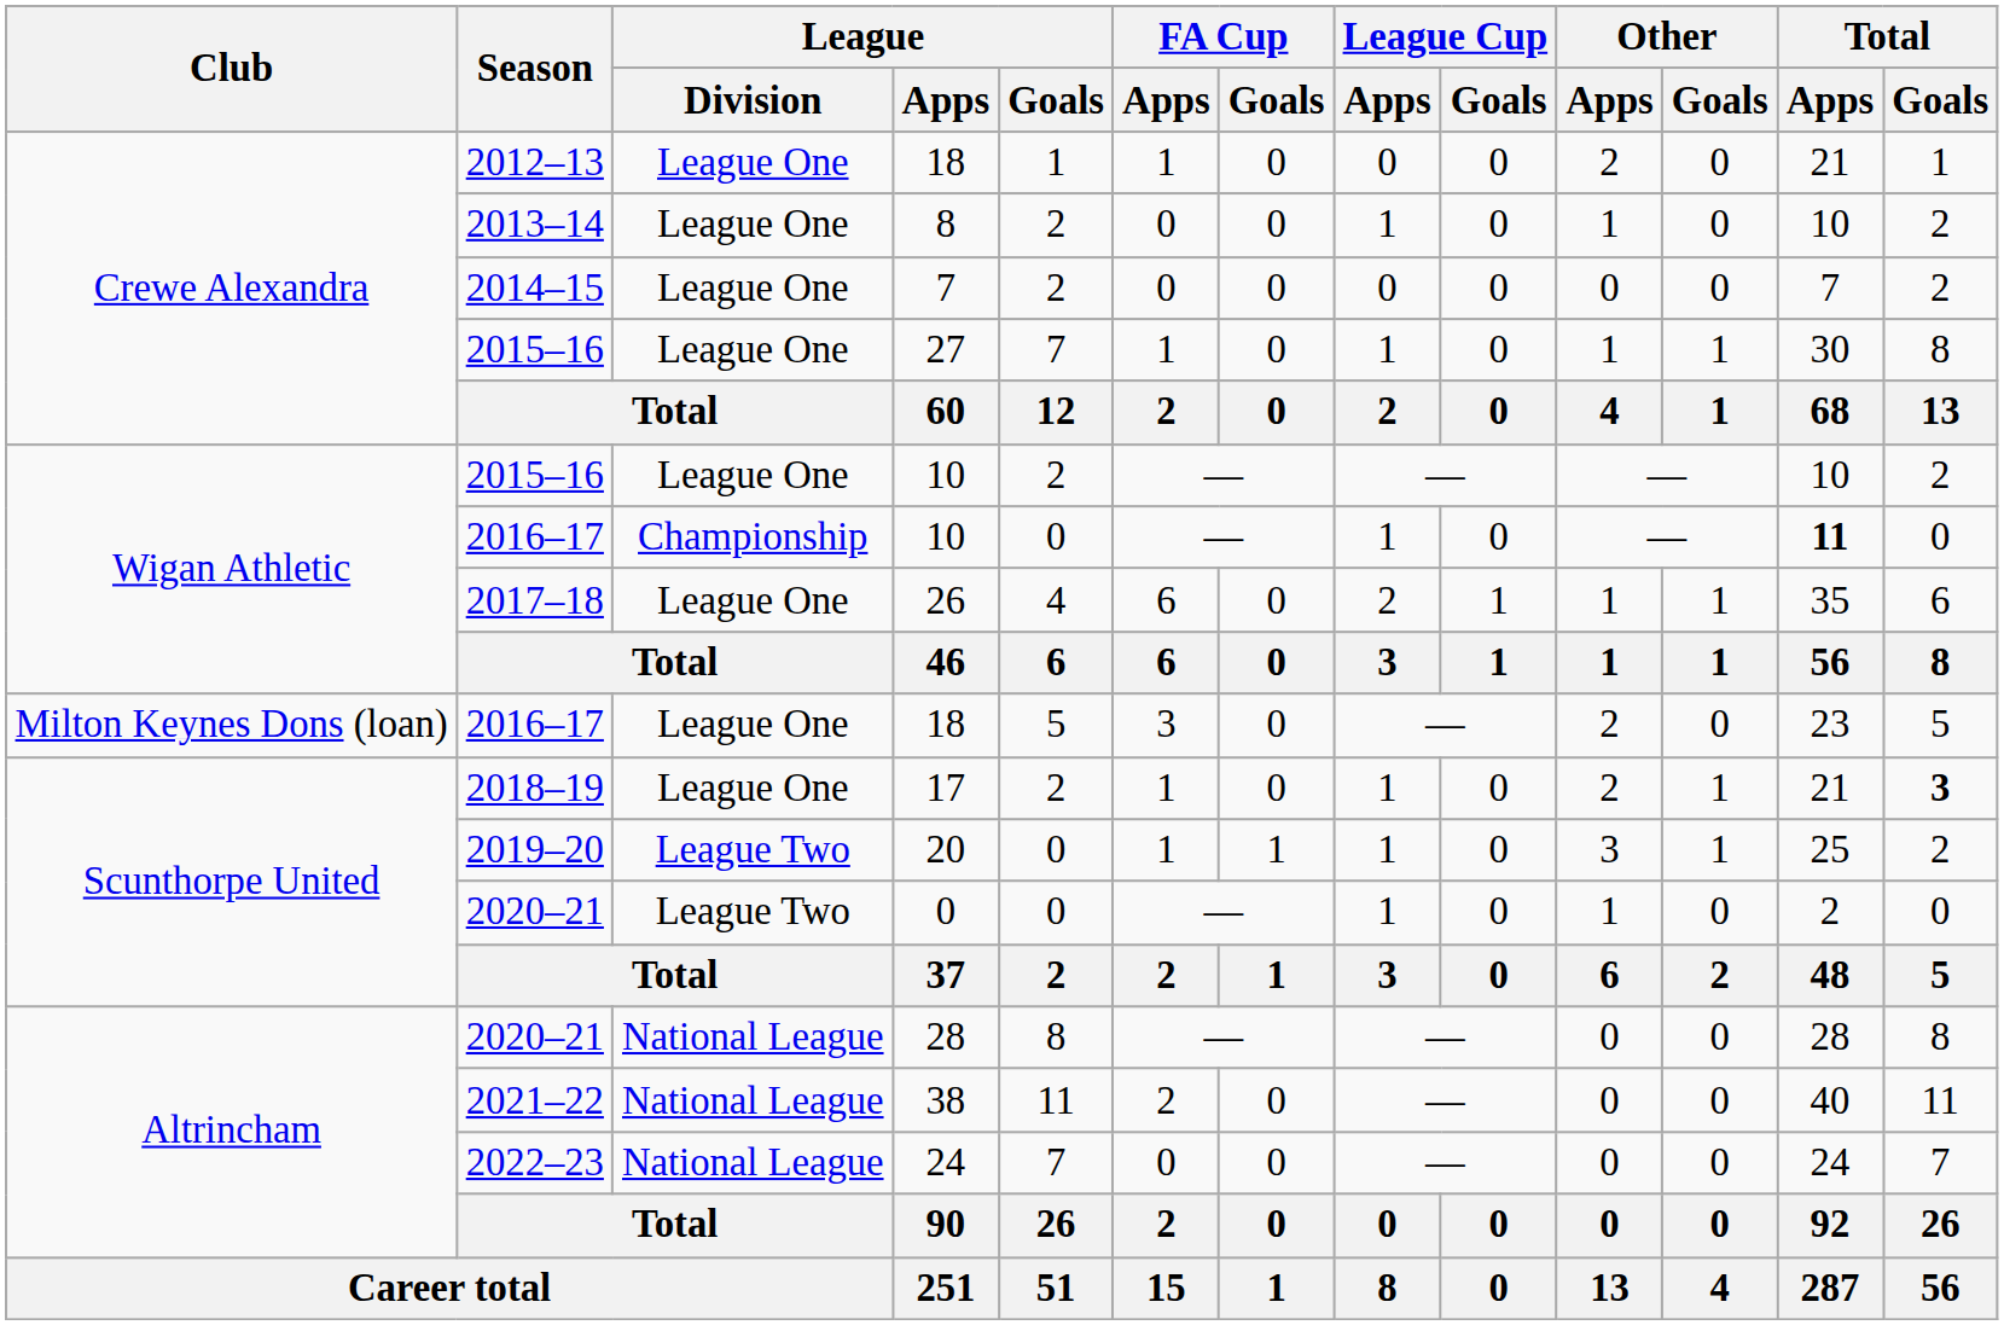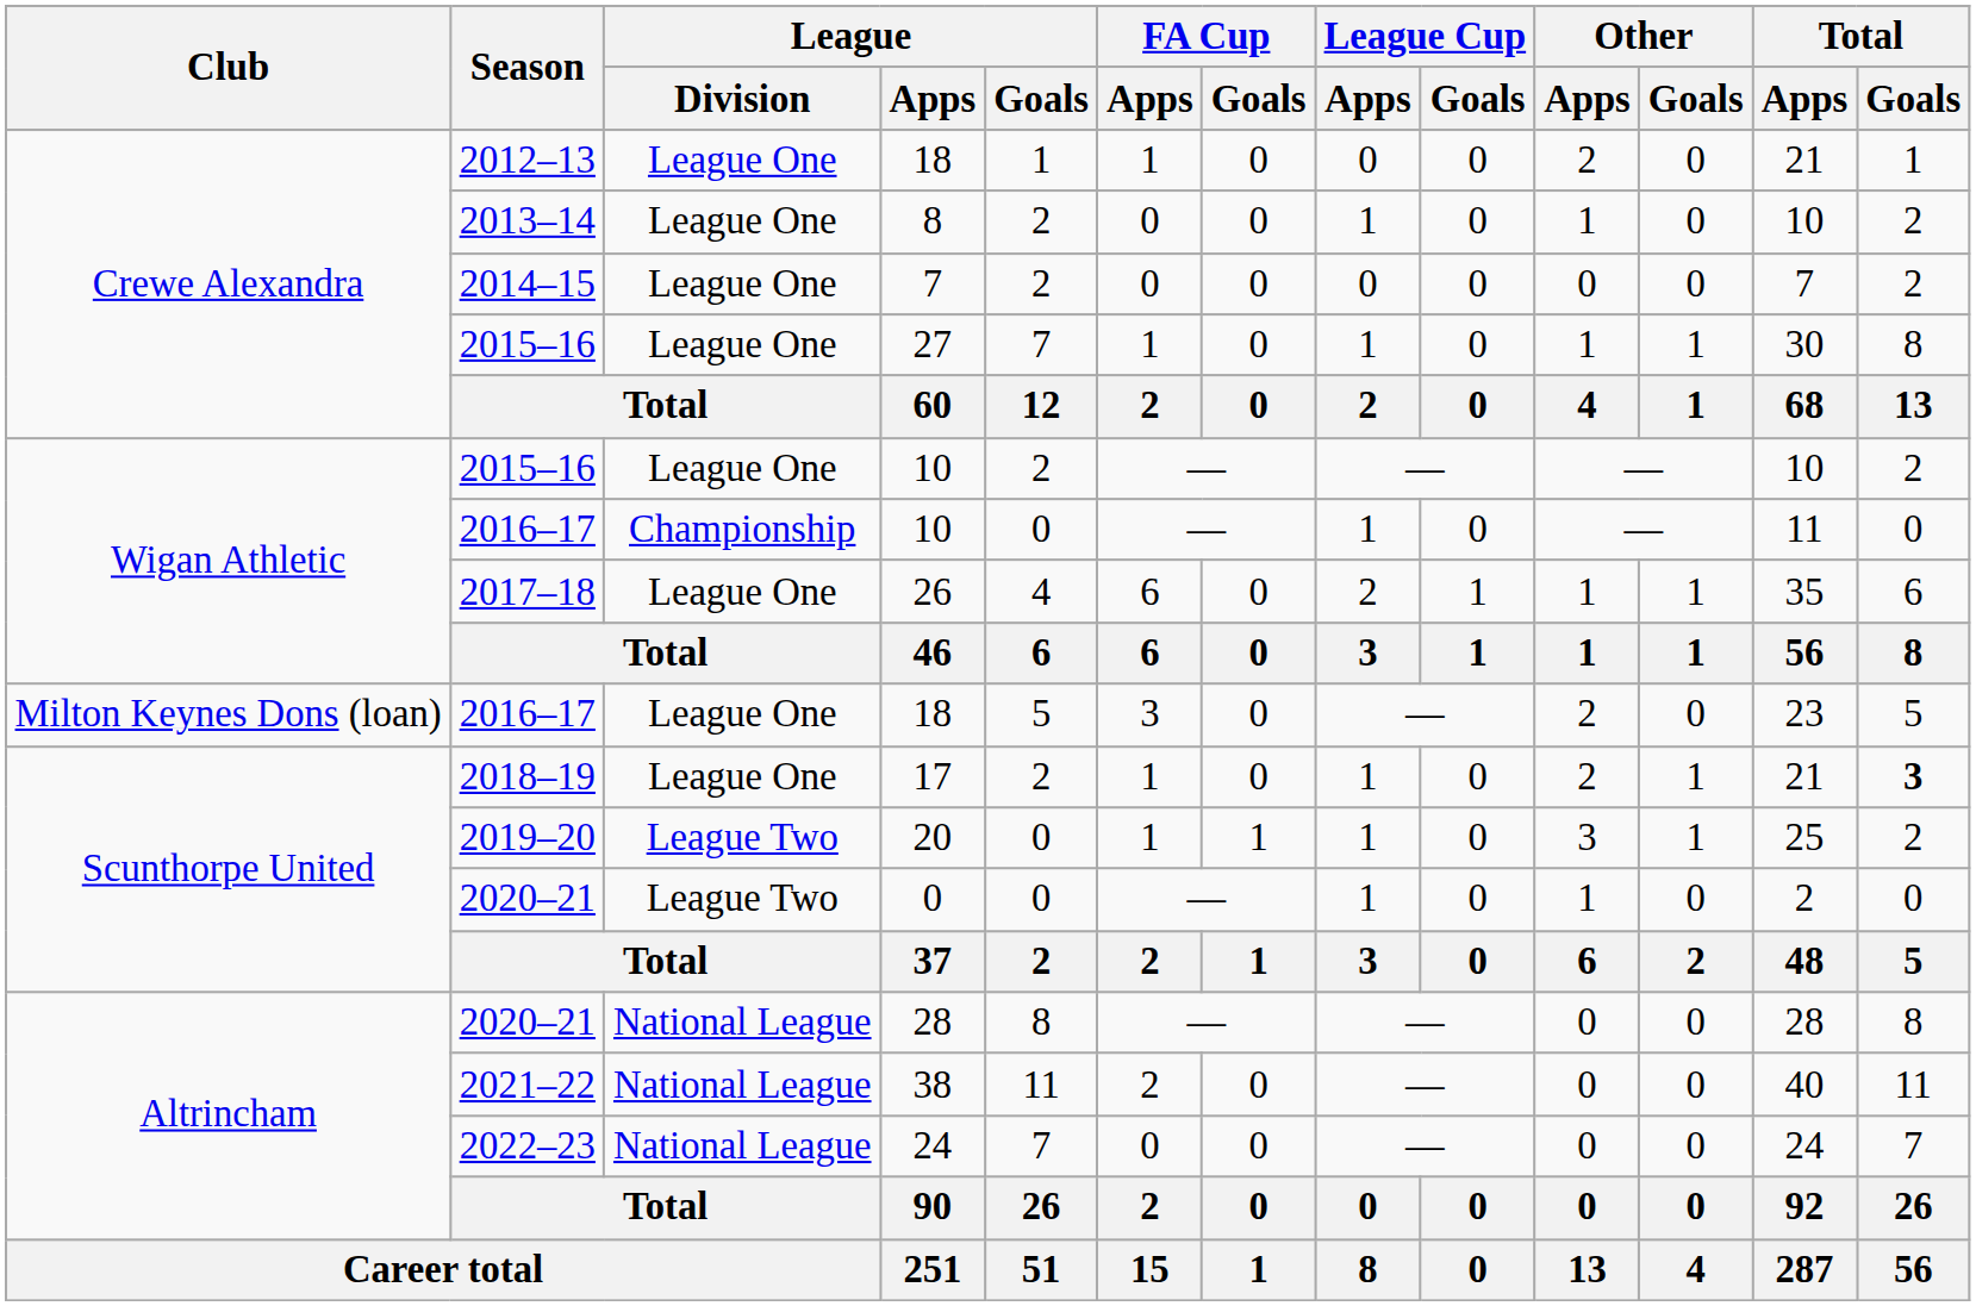 <table class=wikitable style="text-align: center">
 <tr>
 <th rowspan=2>Club</th>
 <th rowspan=2>Season</th>
 <th colspan=3>League</th>
 <th colspan=2><a href='#'>FA Cup</a></th>
 <th colspan=2><a href='#'>League Cup</a></th>
 <th colspan=2>Other</th>
 <th colspan=2>Total</th>
 </tr>
 <tr>
 <th>Division</th>
 <th>Apps</th>
 <th>Goals</th>
 <th>Apps</th>
 <th>Goals</th>
 <th>Apps</th>
 <th>Goals</th>
 <th>Apps</th>
 <th>Goals</th>
 <th>Apps</th>
 <th>Goals</th>
 </tr>
 <tr>
 <td rowspan=5><a href='#'>Crewe Alexandra</a></td>
 <td><a href='#'>2012–13</a></td>
 <td><a href='#'>League One</a></td>
 <td>18</td>
 <td>1</td>
 <td>1</td>
 <td>0</td>
 <td>0</td>
 <td>0</td>
 <td>2</td>
 <td>0</td>
 <td>21</td>
 <td>1</td>
 </tr>
 <tr>
 <td><a href='#'>2013–14</a></td>
 <td>League One</td>
 <td>8</td>
 <td>2</td>
 <td>0</td>
 <td>0</td>
 <td>1</td>
 <td>0</td>
 <td>1</td>
 <td>0</td>
 <td>10</td>
 <td>2</td>
 </tr>
 <tr>
 <td><a href='#'>2014–15</a></td>
 <td>League One</td>
 <td>7</td>
 <td>2</td>
 <td>0</td>
 <td>0</td>
 <td>0</td>
 <td>0</td>
 <td>0</td>
 <td>0</td>
 <td>7</td>
 <td>2</td>
 </tr>
 <tr>
 <td><a href='#'>2015–16</a></td>
 <td>League One</td>
 <td>27</td>
 <td>7</td>
 <td>1</td>
 <td>0</td>
 <td>1</td>
 <td>0</td>
 <td>1</td>
 <td>1</td>
 <td>30</td>
 <td>8</td>
 </tr>
 <tr>
 <th colspan=2>Total</th>
 <th>60</th>
 <th>12</th>
 <th>2</th>
 <th>0</th>
 <th>2</th>
 <th>0</th>
 <th>4</th>
 <th>1</th>
 <th>68</th>
 <th>13</th>
 </tr>
 <tr>
 <td rowspan=4><a href='#'>Wigan Athletic</a></td>
 <td><a href='#'>2015–16</a></td>
 <td>League One</td>
 <td>10</td>
 <td>2</td>
 <td colspan=2>—</td>
 <td colspan=2>—</td>
 <td colspan=2>—</td>
 <td>10</td>
 <td>2</td>
 </tr>
 <tr>
 <td><a href='#'>2016–17</a></td>
 <td><a href='#'>Championship</a></td>
 <td>10</td>
 <td>0</td>
 <td colspan=2>—</td>
 <td>1</td>
 <td>0</td>
 <td colspan=2>—</td>
-<td><strong>11</strong></td>
+<td>11</td>
 <td>0</td>
 </tr>
 <tr>
 <td><a href='#'>2017–18</a></td>
 <td>League One</td>
 <td>26</td>
 <td>4</td>
 <td>6</td>
 <td>0</td>
 <td>2</td>
 <td>1</td>
 <td>1</td>
 <td>1</td>
 <td>35</td>
 <td>6</td>
 </tr>
 <tr>
 <th colspan=2>Total</th>
 <th>46</th>
 <th>6</th>
 <th>6</th>
 <th>0</th>
 <th>3</th>
 <th>1</th>
 <th>1</th>
 <th>1</th>
 <th>56</th>
 <th>8</th>
 </tr>
 <tr>
 <td><a href='#'>Milton Keynes Dons</a> (loan)</td>
 <td><a href='#'>2016–17</a></td>
 <td>League One</td>
 <td>18</td>
 <td>5</td>
 <td>3</td>
 <td>0</td>
 <td colspan=2>—</td>
 <td>2</td>
 <td>0</td>
 <td>23</td>
 <td>5</td>
 </tr>
 <tr>
 <td rowspan=4><a href='#'>Scunthorpe United</a></td>
 <td><a href='#'>2018–19</a></td>
 <td>League One</td>
 <td>17</td>
 <td>2</td>
 <td>1</td>
 <td>0</td>
 <td>1</td>
 <td>0</td>
 <td>2</td>
 <td>1</td>
 <td>21</td>
 <td><strong>3</strong></td>
 </tr>
 <tr>
 <td><a href='#'>2019–20</a></td>
 <td><a href='#'>League Two</a></td>
 <td>20</td>
 <td>0</td>
 <td>1</td>
 <td>1</td>
 <td>1</td>
 <td>0</td>
 <td>3</td>
 <td>1</td>
 <td>25</td>
 <td>2</td>
 </tr>
 <tr>
 <td><a href='#'>2020–21</a></td>
 <td>League Two</td>
 <td>0</td>
 <td>0</td>
 <td colspan=2>—</td>
 <td>1</td>
 <td>0</td>
 <td>1</td>
 <td>0</td>
 <td>2</td>
 <td>0</td>
 </tr>
 <tr>
 <th colspan=2>Total</th>
 <th>37</th>
 <th>2</th>
 <th>2</th>
 <th>1</th>
 <th>3</th>
 <th>0</th>
 <th>6</th>
 <th>2</th>
 <th>48</th>
 <th>5</th>
 </tr>
 <tr>
 <td rowspan=4><a href='#'>Altrincham</a></td>
 <td><a href='#'>2020–21</a></td>
 <td><a href='#'>National League</a></td>
 <td>28</td>
 <td>8</td>
 <td colspan=2>—</td>
 <td colspan=2>—</td>
 <td>0</td>
 <td>0</td>
 <td>28</td>
 <td>8</td>
 </tr>
 <tr>
 <td><a href='#'>2021–22</a></td>
 <td><a href='#'>National League</a></td>
 <td>38</td>
 <td>11</td>
 <td>2</td>
 <td>0</td>
 <td colspan=2>—</td>
 <td>0</td>
 <td>0</td>
 <td>40</td>
 <td>11</td>
 </tr>
 <tr>
 <td><a href='#'>2022–23</a></td>
 <td><a href='#'>National League</a></td>
 <td>24</td>
 <td>7</td>
 <td>0</td>
 <td>0</td>
 <td colspan=2>—</td>
 <td>0</td>
 <td>0</td>
 <td>24</td>
 <td>7</td>
 </tr>
 <tr>
 <th colspan=2>Total</th>
 <th>90</th>
 <th>26</th>
 <th>2</th>
 <th>0</th>
 <th>0</th>
 <th>0</th>
 <th>0</th>
 <th>0</th>
 <th>92</th>
 <th>26</th>
 </tr>
 <tr>
 <th colspan=3>Career total</th>
 <th>251</th>
 <th>51</th>
 <th>15</th>
 <th>1</th>
 <th>8</th>
 <th>0</th>
 <th>13</th>
 <th>4</th>
 <th>287</th>
 <th>56</th>
 </tr>
 </table>
